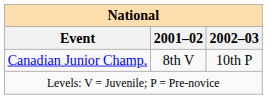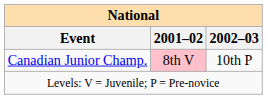 <table class="wikitable" style="text-align:center">
 <tr>
 <th style="background-color: #ffdead; " colspan=3 align=center>National</th>
 </tr>
 <tr>
 <th>Event</th>
 <th>2001–02</th>
 <th>2002–03</th>
 </tr>
 <tr>
 <td align=left><a href='#'>Canadian Junior Champ.</a></td>
-<td>8th V</td>
+<td style="background: pink;">8th V</td>
 <td>10th P</td>
 </tr>
 <tr>
 <td colspan=3 align=center><small> Levels: V = Juvenile; P = Pre-novice </small></td>
 </tr>
 </table>
